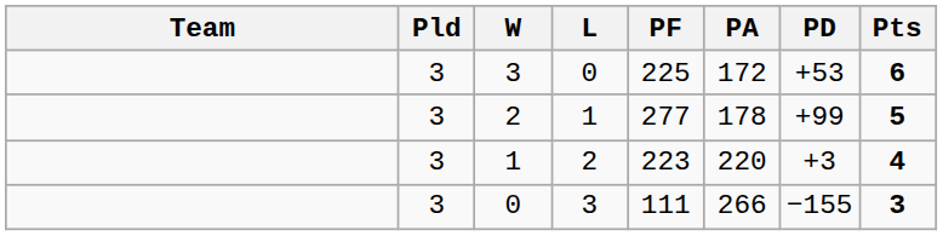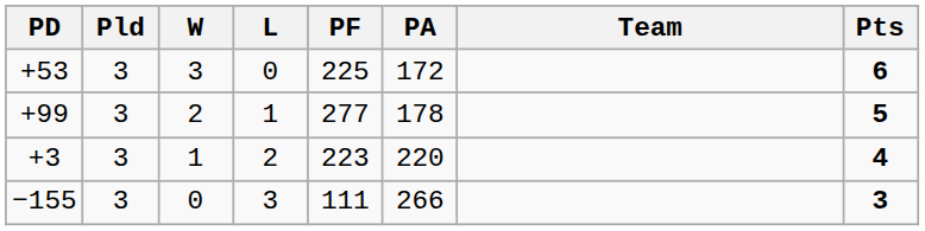 <table class=wikitable style="text-align:center">
 <tr>
-<th width=180>Team</th>
+<th width=30>PD</th>
 <th width=30>Pld</th>
 <th width=30>W</th>
 <th width=30>L</th>
 <th width=30>PF</th>
 <th width=30>PA</th>
-<th width=30>PD</th>
+<th width=180>Team</th>
 <th width=30>Pts</th>
 </tr>
 <tr>
-<td align="left"></td>
+<td>+53</td>
 <td>3</td>
 <td>3</td>
 <td>0</td>
 <td>225</td>
 <td>172</td>
-<td>+53</td>
+<td align="left"></td>
 <td><strong>6</strong></td>
 </tr>
 <tr>
-<td align="left"></td>
+<td>+99</td>
 <td>3</td>
 <td>2</td>
 <td>1</td>
 <td>277</td>
 <td>178</td>
-<td>+99</td>
+<td align="left"></td>
 <td><strong>5</strong></td>
 </tr>
 <tr>
-<td align="left"></td>
+<td>+3</td>
 <td>3</td>
 <td>1</td>
 <td>2</td>
 <td>223</td>
 <td>220</td>
-<td>+3</td>
+<td align="left"></td>
 <td><strong>4</strong></td>
 </tr>
 <tr>
-<td align="left"></td>
+<td>−155</td>
 <td>3</td>
 <td>0</td>
 <td>3</td>
 <td>111</td>
 <td>266</td>
-<td>−155</td>
+<td align="left"></td>
 <td><strong>3</strong></td>
 </tr>
 </table>
